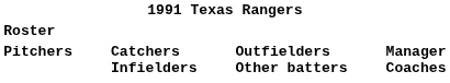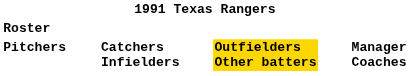 <table class="toccolours" style="font-size: 95%;">
 <tr>
 <th colspan="10">1991 Texas Rangers</th>
 </tr>
 <tr>
 <td colspan="10"><strong>Roster</strong></td>
 </tr>
 <tr>
 <td valign="top"><strong>Pitchers</strong><br>                      </td>
 <td width="25px"></td>
 <td valign="top"><strong>Catchers</strong><br>     <strong>Infielders</strong>          </td>
 <td width="25px"></td>
-<td valign="top"><strong>Outfielders</strong><br>          <strong>Other batters</strong> </td>
+<td valign="top" style="background: gold;"><strong>Outfielders</strong><br>          <strong>Other batters</strong> </td>
 <td width="25px"></td>
 <td valign="top"><strong>Manager</strong><br> <strong>Coaches</strong>      </td>
 </tr>
 </table>
